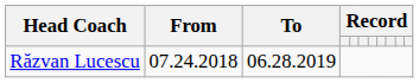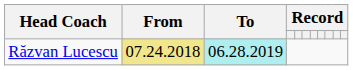 <table class="wikitable" style="text-align: left">
 <tr>
 <th rowspan=2>Head Coach</th>
 <th rowspan=2>From</th>
 <th rowspan=2>To</th>
 <th colspan=8>Record</th>
 </tr>
 <tr>
 <th></th>
 <th></th>
 <th></th>
 <th></th>
 <th></th>
 <th></th>
 <th></th>
 <th></th>
 </tr>
 <tr>
 <td> <a href='#'>Răzvan Lucescu</a></td>
-<td>07.24.2018</td>
-<td>06.28.2019<br></td>
+<td style="background: khaki;">07.24.2018</td>
+<td style="background: paleturquoise;">06.28.2019<br></td>
 </tr>
 </table>
